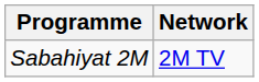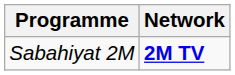 <table class="wikitable">
 <tr>
 <th>Programme</th>
 <th>Network</th>
 </tr>
 <tr>
 <td><em>Sabahiyat 2M</em></td>
-<td><a href='#'>2M TV</a></td>
+<td><strong><a href='#'>2M TV</a></strong></td>
 </tr>
 </table>
